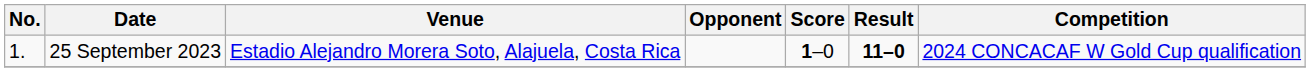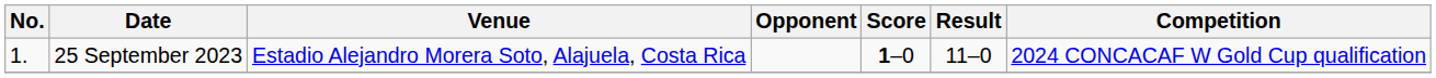 <table class="wikitable">
 <tr>
 <th>No.</th>
 <th>Date</th>
 <th>Venue</th>
 <th>Opponent</th>
 <th>Score</th>
 <th>Result</th>
 <th>Competition</th>
 </tr>
 <tr>
 <td>1.</td>
 <td>25 September 2023</td>
 <td><a href='#'>Estadio Alejandro Morera Soto</a>, <a href='#'>Alajuela</a>, <a href='#'>Costa Rica</a></td>
 <td></td>
 <td align=center><strong>1</strong>–0</td>
-<td align=center><strong>11–0</strong></td>
+<td align=center>11–0</td>
 <td><a href='#'>2024 CONCACAF W Gold Cup qualification</a></td>
 </tr>
 <tr>
 </tr>
 </table>
